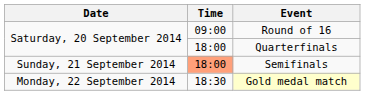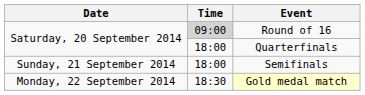 <table class = "wikitable" style="text-align:center;">
 <tr>
 <th width=220>Date</th>
 <th width=50>Time</th>
 <th width=150>Event</th>
 </tr>
 <tr>
 <td rowspan="2">Saturday, 20 September 2014</td>
-<td>09:00</td>
+<td style="background: lightgrey;">09:00</td>
 <td>Round of 16</td>
 </tr>
 <tr>
 <td>18:00</td>
 <td>Quarterfinals</td>
 </tr>
 <tr>
 <td>Sunday, 21 September 2014</td>
-<td style="background: lightsalmon;">18:00</td>
+<td>18:00</td>
 <td>Semifinals</td>
 </tr>
 <tr>
 <td>Monday, 22 September 2014</td>
 <td>18:30</td>
 <td bgcolor=ffffcc>Gold medal match</td>
 </tr>
 </table>
